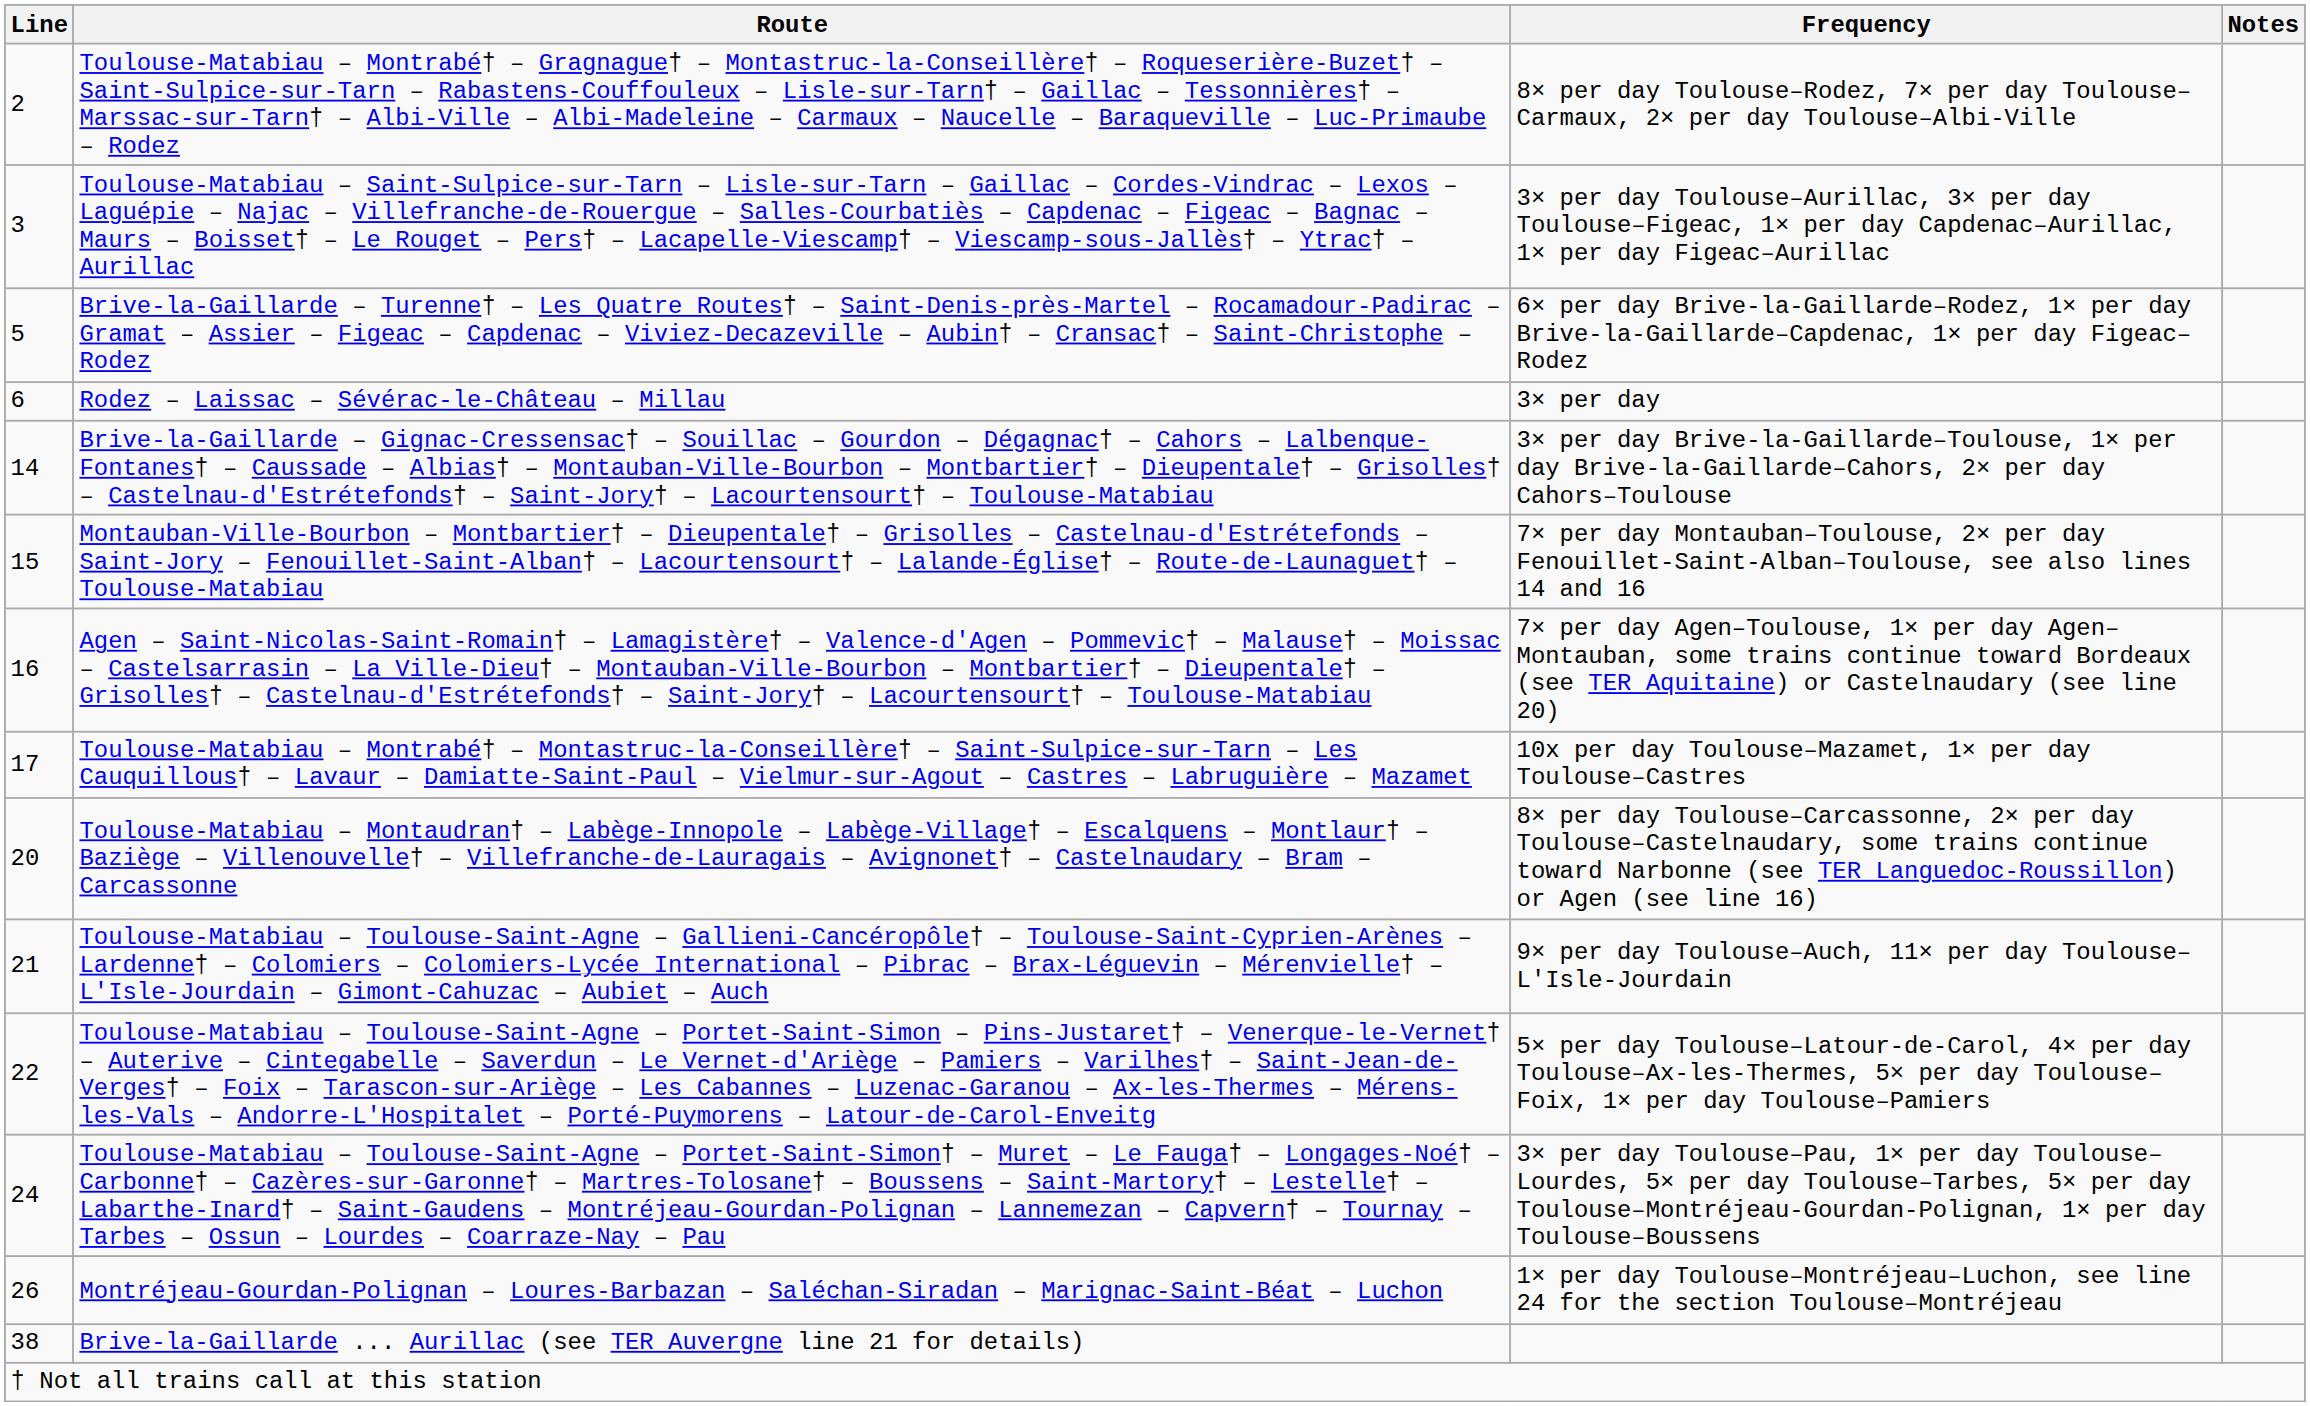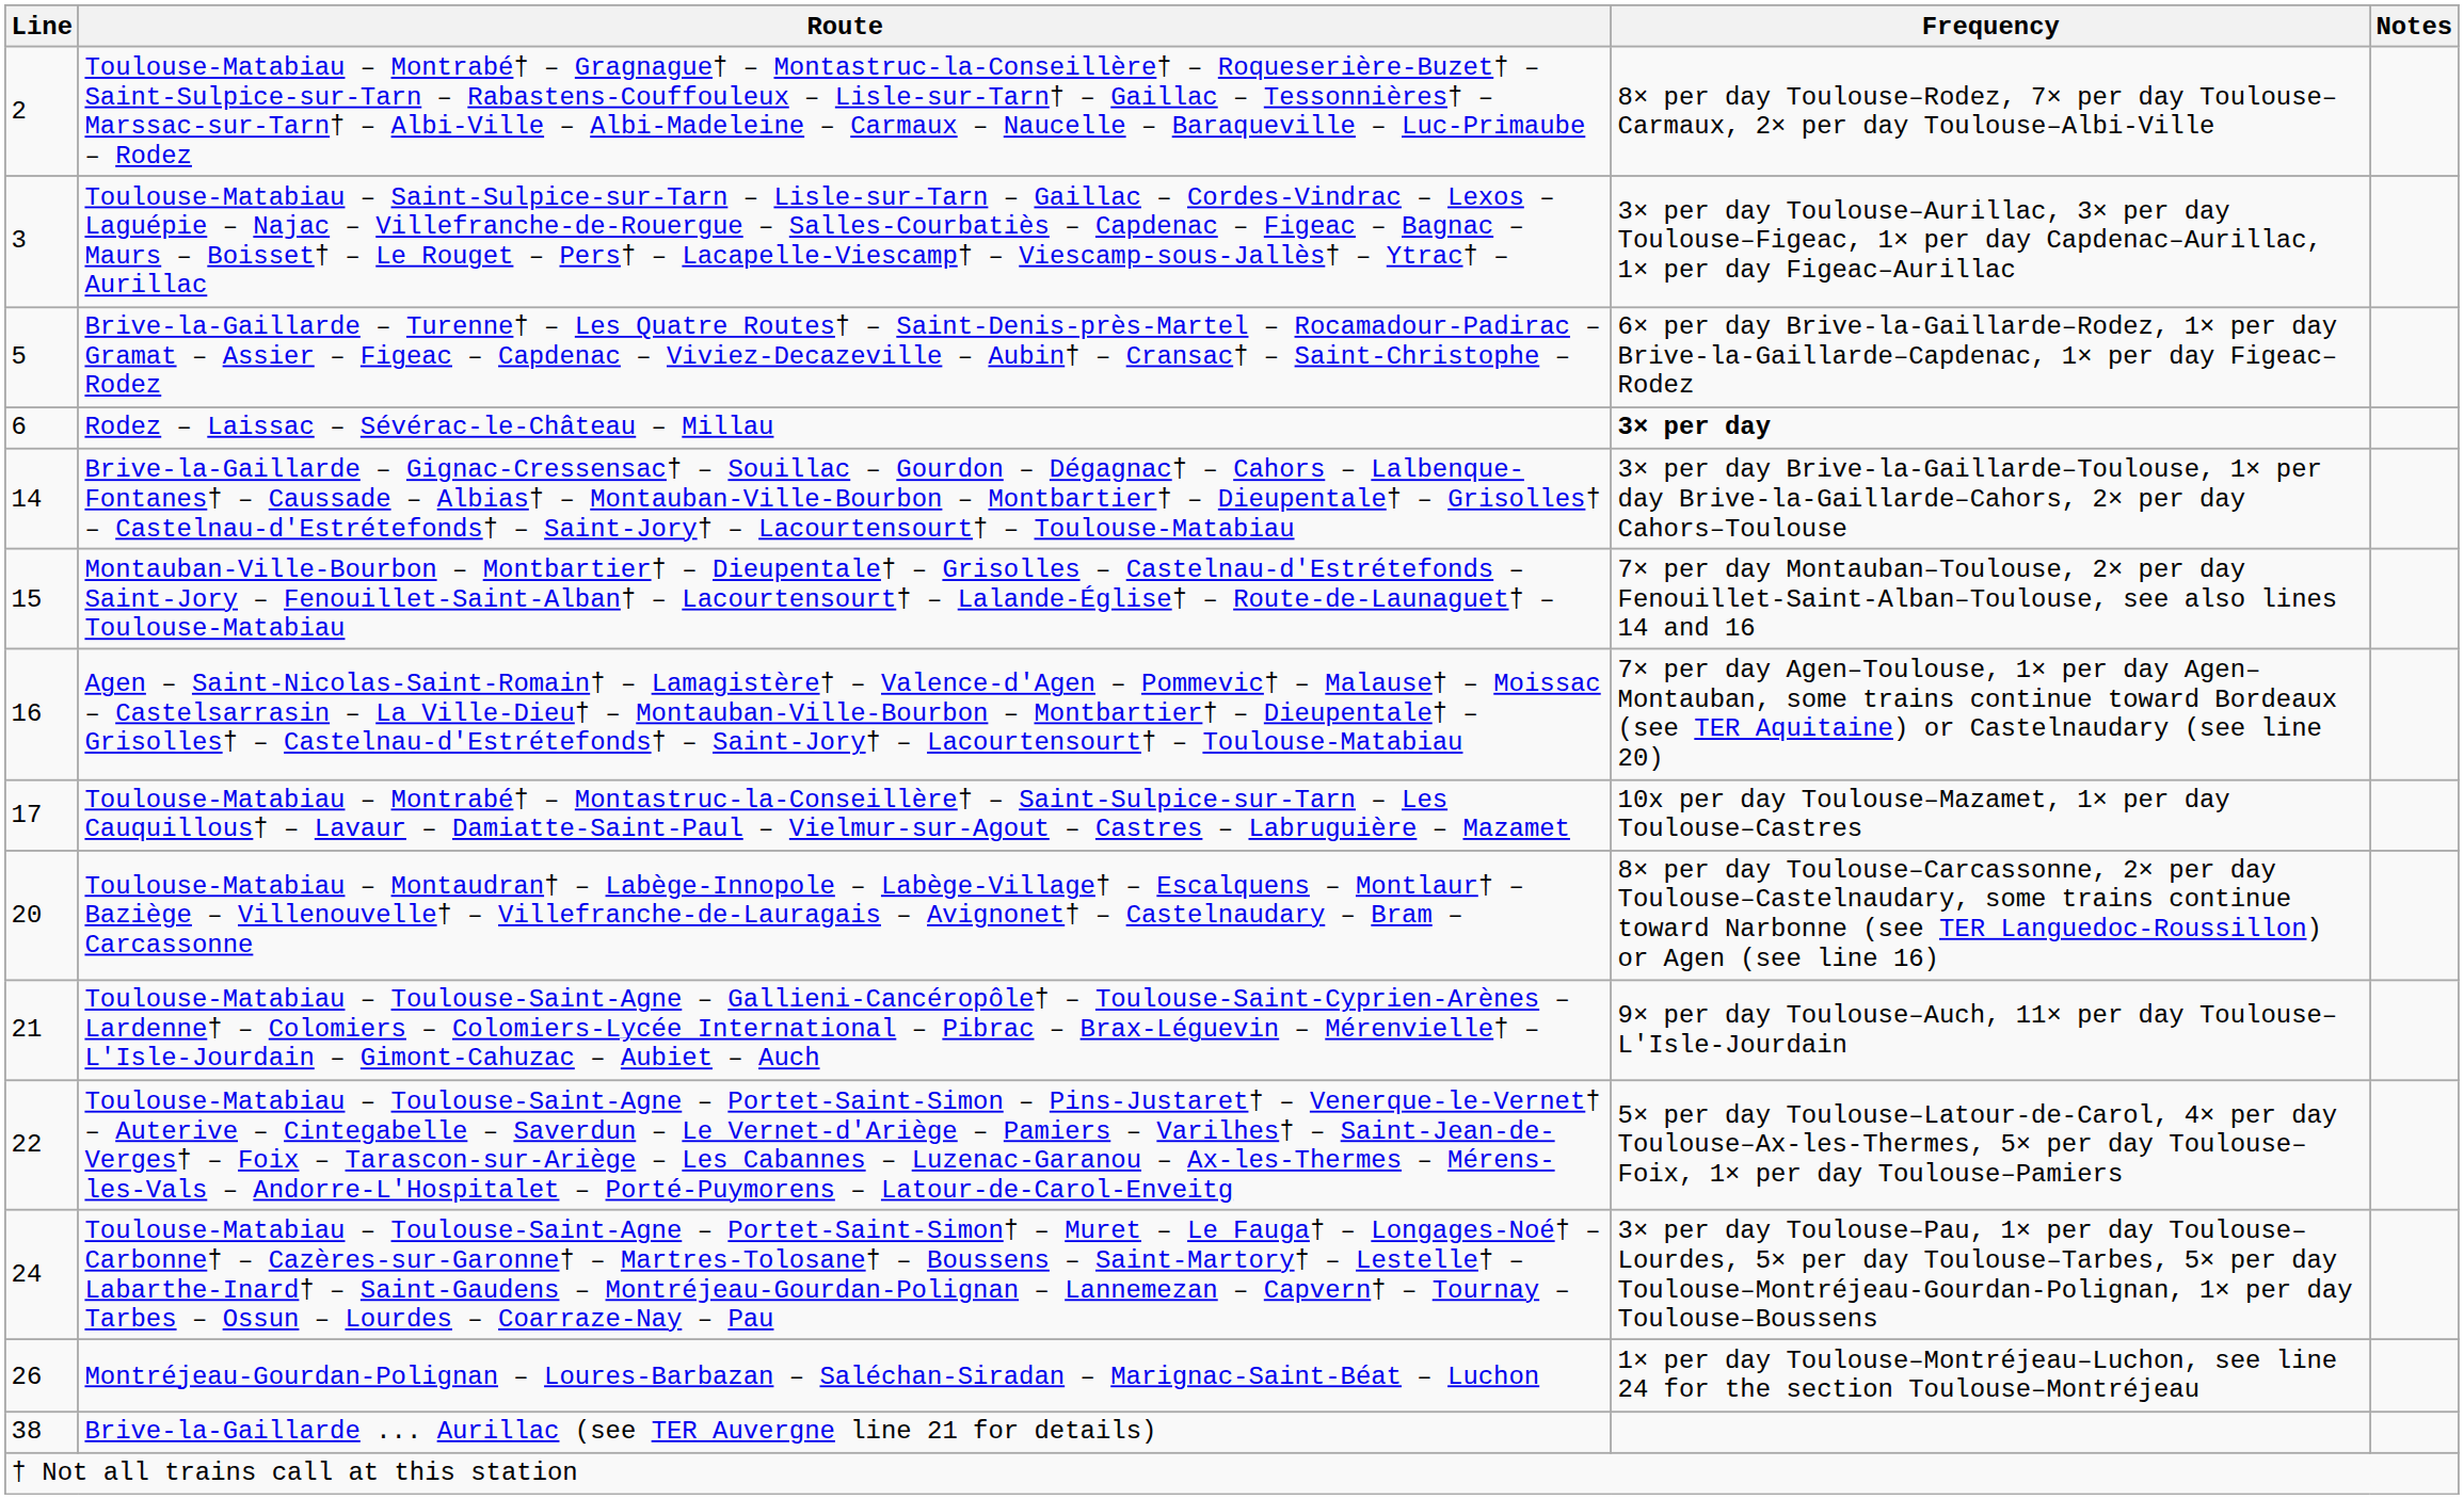 <table class="wikitable vatop">
 <tr>
 <th>Line</th>
 <th>Route</th>
 <th>Frequency</th>
 <th>Notes</th>
 </tr>
 <tr>
 <td>2</td>
 <td><a href='#'>Toulouse-Matabiau</a> – <a href='#'>Montrabé</a>† – <a href='#'>Gragnague</a>† – <a href='#'>Montastruc-la-Conseillère</a>† – <a href='#'>Roqueserière-Buzet</a>† – <a href='#'>Saint-Sulpice-sur-Tarn</a> – <a href='#'>Rabastens-Couffouleux</a> – <a href='#'>Lisle-sur-Tarn</a>† – <a href='#'>Gaillac</a> – <a href='#'>Tessonnières</a>† – <a href='#'>Marssac-sur-Tarn</a>† – <a href='#'>Albi-Ville</a> – <a href='#'>Albi-Madeleine</a> – <a href='#'>Carmaux</a> – <a href='#'>Naucelle</a> – <a href='#'>Baraqueville</a> – <a href='#'>Luc-Primaube</a> – <a href='#'>Rodez</a></td>
 <td>8× per day Toulouse–Rodez, 7× per day Toulouse–Carmaux, 2× per day Toulouse–Albi-Ville</td>
 <td></td>
 </tr>
 <tr>
 <td>3</td>
 <td><a href='#'>Toulouse-Matabiau</a> – <a href='#'>Saint-Sulpice-sur-Tarn</a> – <a href='#'>Lisle-sur-Tarn</a> – <a href='#'>Gaillac</a> – <a href='#'>Cordes-Vindrac</a> – <a href='#'>Lexos</a> – <a href='#'>Laguépie</a> – <a href='#'>Najac</a> – <a href='#'>Villefranche-de-Rouergue</a> – <a href='#'>Salles-Courbatiès</a> – <a href='#'>Capdenac</a> – <a href='#'>Figeac</a> – <a href='#'>Bagnac</a> – <a href='#'>Maurs</a> – <a href='#'>Boisset</a>† – <a href='#'>Le Rouget</a> – <a href='#'>Pers</a>† – <a href='#'>Lacapelle-Viescamp</a>† – <a href='#'>Viescamp-sous-Jallès</a>† – <a href='#'>Ytrac</a>† – <a href='#'>Aurillac</a></td>
 <td>3× per day Toulouse–Aurillac, 3× per day Toulouse–Figeac, 1× per day Capdenac–Aurillac, 1× per day Figeac–Aurillac</td>
 <td></td>
 </tr>
 <tr>
 <td>5</td>
 <td><a href='#'>Brive-la-Gaillarde</a> – <a href='#'>Turenne</a>† – <a href='#'>Les Quatre Routes</a>† – <a href='#'>Saint-Denis-près-Martel</a> – <a href='#'>Rocamadour-Padirac</a> – <a href='#'>Gramat</a> – <a href='#'>Assier</a> – <a href='#'>Figeac</a> – <a href='#'>Capdenac</a> – <a href='#'>Viviez-Decazeville</a> – <a href='#'>Aubin</a>† – <a href='#'>Cransac</a>† – <a href='#'>Saint-Christophe</a> – <a href='#'>Rodez</a></td>
 <td>6× per day Brive-la-Gaillarde–Rodez, 1× per day Brive-la-Gaillarde–Capdenac, 1× per day Figeac–Rodez</td>
 <td></td>
 </tr>
 <tr>
 <td>6</td>
 <td><a href='#'>Rodez</a> – <a href='#'>Laissac</a> – <a href='#'>Sévérac-le-Château</a> – <a href='#'>Millau</a></td>
-<td>3× per day</td>
+<td><strong>3× per day</strong></td>
 <td></td>
 </tr>
 <tr>
 <td>14</td>
 <td><a href='#'>Brive-la-Gaillarde</a> – <a href='#'>Gignac-Cressensac</a>† – <a href='#'>Souillac</a> – <a href='#'>Gourdon</a> – <a href='#'>Dégagnac</a>† – <a href='#'>Cahors</a> – <a href='#'>Lalbenque-Fontanes</a>† – <a href='#'>Caussade</a> – <a href='#'>Albias</a>† – <a href='#'>Montauban-Ville-Bourbon</a> – <a href='#'>Montbartier</a>† – <a href='#'>Dieupentale</a>† – <a href='#'>Grisolles</a>† – <a href='#'>Castelnau-d'Estrétefonds</a>† – <a href='#'>Saint-Jory</a>† – <a href='#'>Lacourtensourt</a>† – <a href='#'>Toulouse-Matabiau</a></td>
 <td>3× per day Brive-la-Gaillarde–Toulouse, 1× per day Brive-la-Gaillarde–Cahors, 2× per day Cahors–Toulouse</td>
 <td></td>
 </tr>
 <tr>
 <td>15</td>
 <td><a href='#'>Montauban-Ville-Bourbon</a> – <a href='#'>Montbartier</a>† – <a href='#'>Dieupentale</a>† – <a href='#'>Grisolles</a> – <a href='#'>Castelnau-d'Estrétefonds</a> – <a href='#'>Saint-Jory</a> – <a href='#'>Fenouillet-Saint-Alban</a>† – <a href='#'>Lacourtensourt</a>† – <a href='#'>Lalande-Église</a>† – <a href='#'>Route-de-Launaguet</a>† – <a href='#'>Toulouse-Matabiau</a></td>
 <td>7× per day Montauban–Toulouse, 2× per day Fenouillet-Saint-Alban–Toulouse, see also lines 14 and 16</td>
 <td></td>
 </tr>
 <tr>
 <td>16</td>
 <td><a href='#'>Agen</a> – <a href='#'>Saint-Nicolas-Saint-Romain</a>† – <a href='#'>Lamagistère</a>† – <a href='#'>Valence-d'Agen</a> – <a href='#'>Pommevic</a>† – <a href='#'>Malause</a>† – <a href='#'>Moissac</a> – <a href='#'>Castelsarrasin</a> – <a href='#'>La Ville-Dieu</a>† – <a href='#'>Montauban-Ville-Bourbon</a> – <a href='#'>Montbartier</a>† – <a href='#'>Dieupentale</a>† – <a href='#'>Grisolles</a>† – <a href='#'>Castelnau-d'Estrétefonds</a>† – <a href='#'>Saint-Jory</a>† – <a href='#'>Lacourtensourt</a>† – <a href='#'>Toulouse-Matabiau</a></td>
 <td>7× per day Agen–Toulouse, 1× per day Agen–Montauban, some trains continue toward Bordeaux (see <a href='#'>TER Aquitaine</a>) or Castelnaudary (see line 20)</td>
 <td></td>
 </tr>
 <tr>
 <td>17</td>
 <td><a href='#'>Toulouse-Matabiau</a> – <a href='#'>Montrabé</a>† – <a href='#'>Montastruc-la-Conseillère</a>† – <a href='#'>Saint-Sulpice-sur-Tarn</a> – <a href='#'>Les Cauquillous</a>† – <a href='#'>Lavaur</a> – <a href='#'>Damiatte-Saint-Paul</a> – <a href='#'>Vielmur-sur-Agout</a> – <a href='#'>Castres</a> – <a href='#'>Labruguière</a> – <a href='#'>Mazamet</a></td>
 <td>10x per day Toulouse–Mazamet, 1× per day Toulouse–Castres</td>
 <td></td>
 </tr>
 <tr>
 <td>20</td>
 <td><a href='#'>Toulouse-Matabiau</a> – <a href='#'>Montaudran</a>† – <a href='#'>Labège-Innopole</a> – <a href='#'>Labège-Village</a>† – <a href='#'>Escalquens</a> – <a href='#'>Montlaur</a>† – <a href='#'>Baziège</a> – <a href='#'>Villenouvelle</a>† – <a href='#'>Villefranche-de-Lauragais</a> – <a href='#'>Avignonet</a>† – <a href='#'>Castelnaudary</a> – <a href='#'>Bram</a> – <a href='#'>Carcassonne</a></td>
 <td>8× per day Toulouse–Carcassonne, 2× per day Toulouse–Castelnaudary, some trains continue toward Narbonne (see <a href='#'>TER Languedoc-Roussillon</a>) or Agen (see line 16)</td>
 <td></td>
 </tr>
 <tr>
 <td>21</td>
 <td><a href='#'>Toulouse-Matabiau</a> – <a href='#'>Toulouse-Saint-Agne</a> – <a href='#'>Gallieni-Cancéropôle</a>† – <a href='#'>Toulouse-Saint-Cyprien-Arènes</a> – <a href='#'>Lardenne</a>† – <a href='#'>Colomiers</a> – <a href='#'>Colomiers-Lycée International</a> – <a href='#'>Pibrac</a> – <a href='#'>Brax-Léguevin</a> – <a href='#'>Mérenvielle</a>† – <a href='#'>L'Isle-Jourdain</a> – <a href='#'>Gimont-Cahuzac</a> – <a href='#'>Aubiet</a> – <a href='#'>Auch</a></td>
 <td>9× per day Toulouse–Auch, 11× per day Toulouse–L'Isle-Jourdain</td>
 <td></td>
 </tr>
 <tr>
 <td>22</td>
 <td><a href='#'>Toulouse-Matabiau</a> – <a href='#'>Toulouse-Saint-Agne</a> – <a href='#'>Portet-Saint-Simon</a> – <a href='#'>Pins-Justaret</a>† – <a href='#'>Venerque-le-Vernet</a>† – <a href='#'>Auterive</a> – <a href='#'>Cintegabelle</a> – <a href='#'>Saverdun</a> – <a href='#'>Le Vernet-d'Ariège</a> – <a href='#'>Pamiers</a> – <a href='#'>Varilhes</a>† – <a href='#'>Saint-Jean-de-Verges</a>† – <a href='#'>Foix</a> – <a href='#'>Tarascon-sur-Ariège</a> – <a href='#'>Les Cabannes</a> – <a href='#'>Luzenac-Garanou</a> – <a href='#'>Ax-les-Thermes</a> – <a href='#'>Mérens-les-Vals</a> – <a href='#'>Andorre-L'Hospitalet</a> – <a href='#'>Porté-Puymorens</a> – <a href='#'>Latour-de-Carol-Enveitg</a></td>
 <td>5× per day Toulouse–Latour-de-Carol, 4× per day Toulouse–Ax-les-Thermes, 5× per day Toulouse–Foix, 1× per day Toulouse–Pamiers</td>
 <td></td>
 </tr>
 <tr>
 <td>24</td>
 <td><a href='#'>Toulouse-Matabiau</a> – <a href='#'>Toulouse-Saint-Agne</a> – <a href='#'>Portet-Saint-Simon</a>† – <a href='#'>Muret</a> – <a href='#'>Le Fauga</a>† – <a href='#'>Longages-Noé</a>† – <a href='#'>Carbonne</a>† – <a href='#'>Cazères-sur-Garonne</a>† – <a href='#'>Martres-Tolosane</a>† – <a href='#'>Boussens</a> – <a href='#'>Saint-Martory</a>† – <a href='#'>Lestelle</a>† – <a href='#'>Labarthe-Inard</a>† – <a href='#'>Saint-Gaudens</a> – <a href='#'>Montréjeau-Gourdan-Polignan</a> – <a href='#'>Lannemezan</a> – <a href='#'>Capvern</a>† – <a href='#'>Tournay</a> – <a href='#'>Tarbes</a> – <a href='#'>Ossun</a> – <a href='#'>Lourdes</a> – <a href='#'>Coarraze-Nay</a> – <a href='#'>Pau</a></td>
 <td>3× per day Toulouse–Pau, 1× per day Toulouse–Lourdes, 5× per day Toulouse–Tarbes, 5× per day Toulouse–Montréjeau-Gourdan-Polignan, 1× per day Toulouse–Boussens</td>
 <td></td>
 </tr>
 <tr>
 <td>26</td>
 <td><a href='#'>Montréjeau-Gourdan-Polignan</a> – <a href='#'>Loures-Barbazan</a> – <a href='#'>Saléchan-Siradan</a> – <a href='#'>Marignac-Saint-Béat</a> – <a href='#'>Luchon</a></td>
 <td>1× per day Toulouse–Montréjeau–Luchon, see line 24 for the section Toulouse–Montréjeau</td>
 <td></td>
 </tr>
 <tr>
 <td>38</td>
 <td><a href='#'>Brive-la-Gaillarde</a> ... <a href='#'>Aurillac</a> (see <a href='#'>TER Auvergne</a> line 21 for details)</td>
 <td></td>
 <td></td>
 </tr>
 <tr>
 <td colspan=4>† Not all trains call at this station</td>
 </tr>
 </table>
